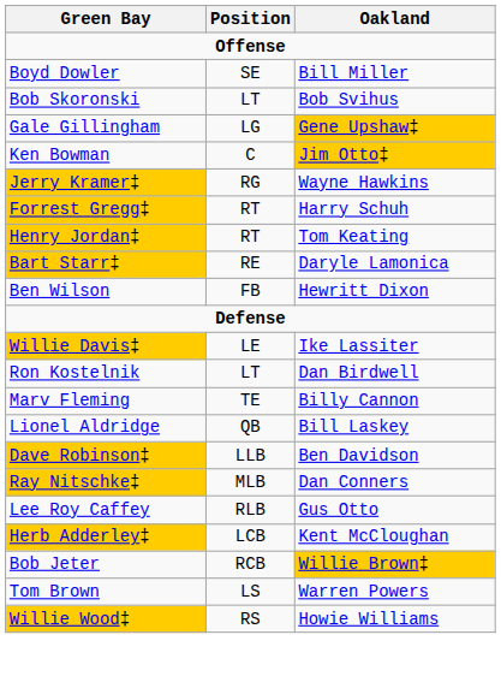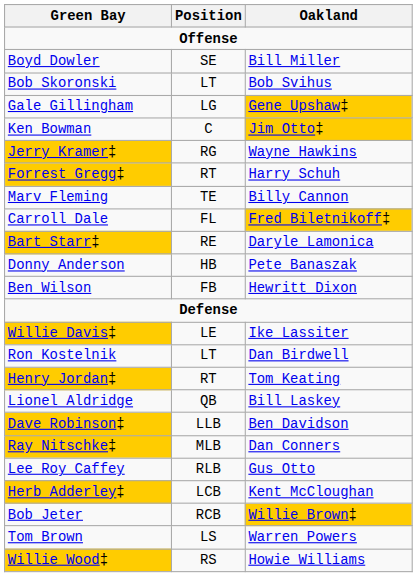 <table class="wikitable">
 <tr>
 <th width="150px">Green Bay</th>
 <th>Position</th>
 <th width="150px">Oakland</th>
 </tr>
 <tr>
 <td colspan="3" style="text-align:center;"><strong>Offense</strong></td>
 </tr>
 <tr>
 <td><a href='#'>Boyd Dowler</a></td>
 <td style="text-align:center;">SE</td>
 <td><a href='#'>Bill Miller</a></td>
 </tr>
 <tr>
 <td><a href='#'>Bob Skoronski</a></td>
 <td style="text-align:center;">LT</td>
 <td><a href='#'>Bob Svihus</a></td>
 </tr>
 <tr>
 <td><a href='#'>Gale Gillingham</a></td>
 <td style="text-align:center;">LG</td>
 <td style="background:#fc0;"><a href='#'>Gene Upshaw</a>‡</td>
 </tr>
 <tr>
 <td><a href='#'>Ken Bowman</a></td>
 <td style="text-align:center;">C</td>
 <td style="background:#fc0;"><a href='#'>Jim Otto</a>‡</td>
 </tr>
 <tr>
 <td style="background:#fc0;"><a href='#'>Jerry Kramer</a>‡</td>
 <td style="text-align:center;">RG</td>
 <td><a href='#'>Wayne Hawkins</a></td>
 </tr>
 <tr>
 <td style="background:#fc0;"><a href='#'>Forrest Gregg</a>‡</td>
 <td style="text-align:center;">RT</td>
 <td><a href='#'>Harry Schuh</a></td>
 </tr>
 <tr>
-<td style="background:#fc0;"><a href='#'>Henry Jordan</a>‡</td>
-<td style="text-align:center;">RT</td>
-<td><a href='#'>Tom Keating</a></td>
+<td><a href='#'>Marv Fleming</a></td>
+<td style="text-align:center;">TE</td>
+<td><a href='#'>Billy Cannon</a></td>
+</tr>
+<tr>
+<td><a href='#'>Carroll Dale</a></td>
+<td style="text-align:center;">FL</td>
+<td style="background:#fc0;"><a href='#'>Fred Biletnikoff</a>‡</td>
 </tr>
 <tr>
 <td style="background:#fc0;"><a href='#'>Bart Starr</a>‡</td>
 <td style="text-align:center;">RE</td>
 <td><a href='#'>Daryle Lamonica</a></td>
+</tr>
+<tr>
+<td><a href='#'>Donny Anderson</a></td>
+<td style="text-align:center;">HB</td>
+<td><a href='#'>Pete Banaszak</a></td>
 </tr>
 <tr>
 <td><a href='#'>Ben Wilson</a></td>
 <td style="text-align:center;">FB</td>
 <td><a href='#'>Hewritt Dixon</a></td>
 </tr>
 <tr>
 <td colspan="3" style="text-align:center;"><strong>Defense</strong></td>
 </tr>
 <tr>
 <td style="background:#fc0;"><a href='#'>Willie Davis</a>‡</td>
 <td style="text-align:center;">LE</td>
 <td><a href='#'>Ike Lassiter</a></td>
 </tr>
 <tr>
 <td><a href='#'>Ron Kostelnik</a></td>
 <td style="text-align:center;">LT</td>
 <td><a href='#'>Dan Birdwell</a></td>
 </tr>
 <tr>
-<td><a href='#'>Marv Fleming</a></td>
-<td style="text-align:center;">TE</td>
-<td><a href='#'>Billy Cannon</a></td>
+<td style="background:#fc0;"><a href='#'>Henry Jordan</a>‡</td>
+<td style="text-align:center;">RT</td>
+<td><a href='#'>Tom Keating</a></td>
 </tr>
 <tr>
 <td><a href='#'>Lionel Aldridge</a></td>
 <td style="text-align:center;">QB</td>
 <td><a href='#'>Bill Laskey</a></td>
 </tr>
 <tr>
 <td style="background:#fc0;"><a href='#'>Dave Robinson</a>‡</td>
 <td style="text-align:center;">LLB</td>
 <td><a href='#'>Ben Davidson</a></td>
 </tr>
 <tr>
 <td style="background:#fc0;"><a href='#'>Ray Nitschke</a>‡</td>
 <td style="text-align:center;">MLB</td>
 <td><a href='#'>Dan Conners</a></td>
 </tr>
 <tr>
 <td><a href='#'>Lee Roy Caffey</a></td>
 <td style="text-align:center;">RLB</td>
 <td><a href='#'>Gus Otto</a></td>
 </tr>
 <tr>
 <td style="background:#fc0;"><a href='#'>Herb Adderley</a>‡</td>
 <td style="text-align:center;">LCB</td>
 <td><a href='#'>Kent McCloughan</a></td>
 </tr>
 <tr>
 <td><a href='#'>Bob Jeter</a></td>
 <td style="text-align:center;">RCB</td>
 <td style="background:#fc0;"><a href='#'>Willie Brown</a>‡</td>
 </tr>
 <tr>
 <td><a href='#'>Tom Brown</a></td>
 <td style="text-align:center;">LS</td>
 <td><a href='#'>Warren Powers</a></td>
 </tr>
 <tr>
 <td style="background:#fc0;"><a href='#'>Willie Wood</a>‡</td>
 <td style="text-align:center;">RS</td>
 <td><a href='#'>Howie Williams</a></td>
 </tr>
 </table>
